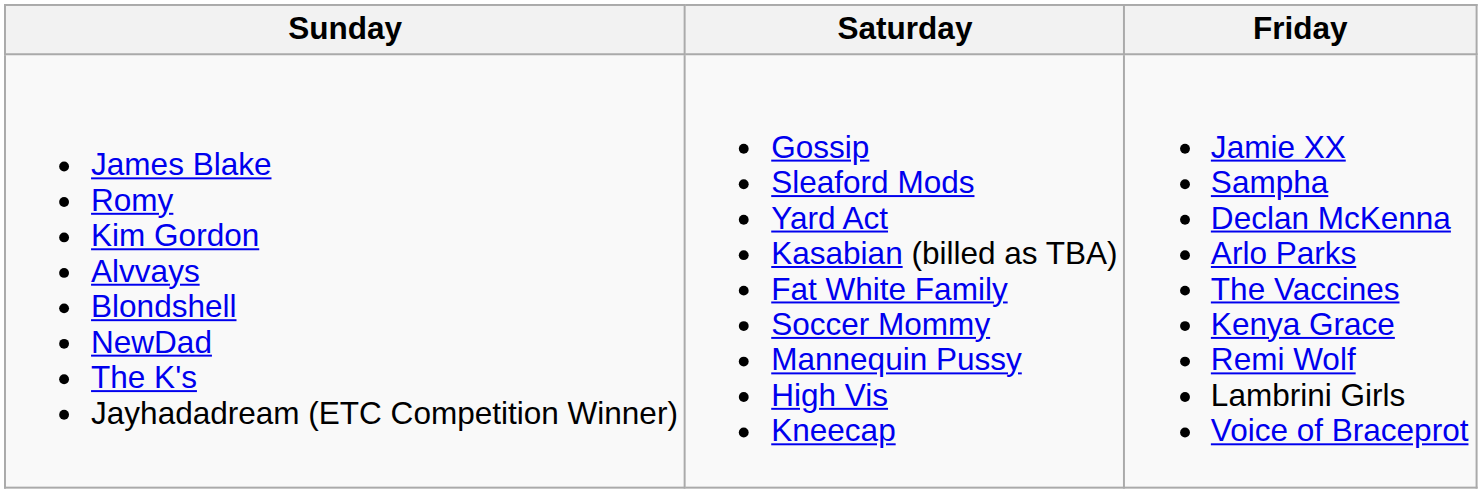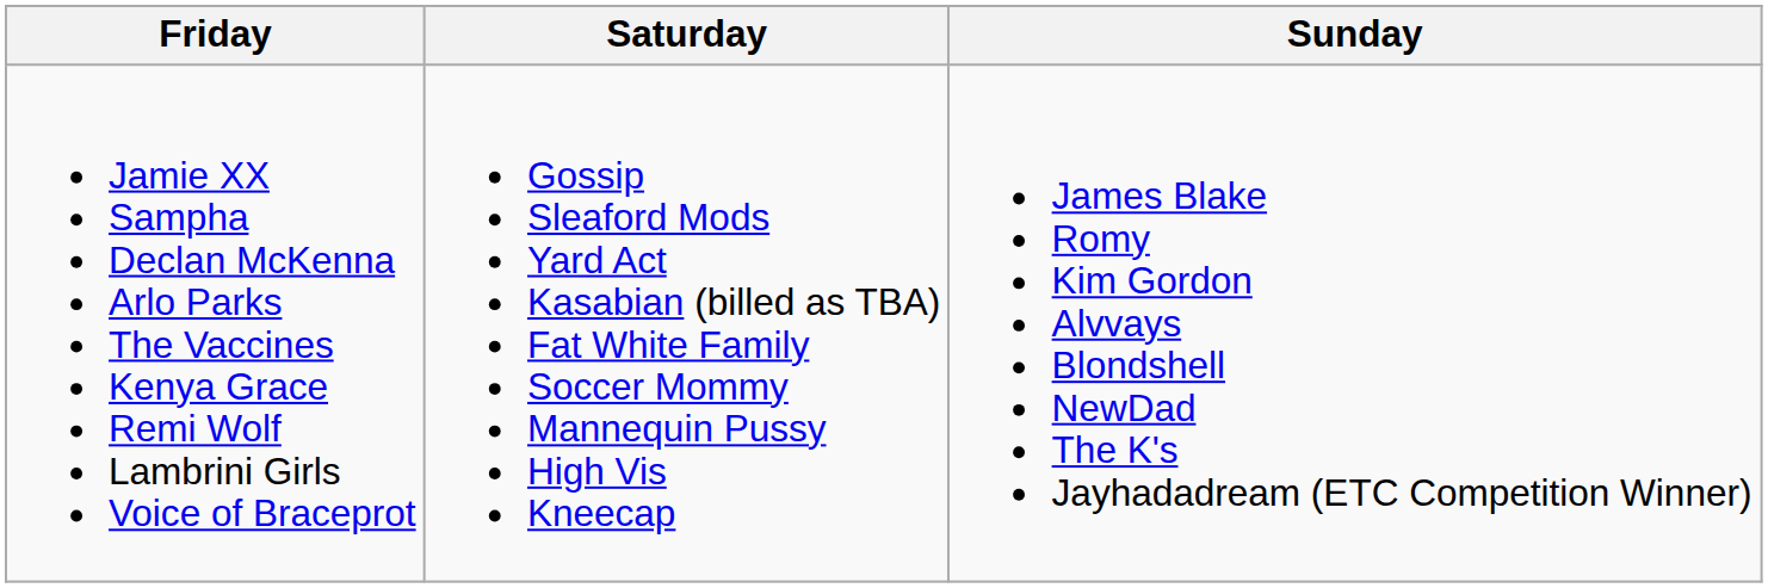 <table class="wikitable">
 <tr>
+<th>Friday</th>
+<th>Saturday</th>
 <th>Sunday</th>
-<th>Saturday</th>
-<th>Friday</th>
 </tr>
 <tr>
+<td><br><ul><li><a href='#'>Jamie XX</a></li><li><a href='#'>Sampha</a></li><li><a href='#'>Declan McKenna</a></li><li><a href='#'>Arlo Parks</a></li><li><a href='#'>The Vaccines</a></li><li><a href='#'>Kenya Grace</a></li><li><a href='#'>Remi Wolf</a></li><li>Lambrini Girls</li><li><a href='#'>Voice of Braceprot</a></li></ul></td>
+<td><br><ul><li><a href='#'>Gossip</a></li><li><a href='#'>Sleaford Mods</a></li><li><a href='#'>Yard Act</a></li><li><a href='#'>Kasabian</a> (billed as TBA)</li><li><a href='#'>Fat White Family</a></li><li><a href='#'>Soccer Mommy</a></li><li><a href='#'>Mannequin Pussy</a></li><li><a href='#'>High Vis</a></li><li><a href='#'>Kneecap</a></li></ul></td>
 <td><br><ul><li><a href='#'>James Blake</a></li><li><a href='#'>Romy</a></li><li><a href='#'>Kim Gordon</a></li><li><a href='#'>Alvvays</a></li><li><a href='#'>Blondshell</a></li><li><a href='#'>NewDad</a></li><li><a href='#'>The K's</a></li><li>Jayhadadream (ETC Competition Winner)</li></ul></td>
-<td><br><ul><li><a href='#'>Gossip</a></li><li><a href='#'>Sleaford Mods</a></li><li><a href='#'>Yard Act</a></li><li><a href='#'>Kasabian</a> (billed as TBA)</li><li><a href='#'>Fat White Family</a></li><li><a href='#'>Soccer Mommy</a></li><li><a href='#'>Mannequin Pussy</a></li><li><a href='#'>High Vis</a></li><li><a href='#'>Kneecap</a></li></ul></td>
-<td><br><ul><li><a href='#'>Jamie XX</a></li><li><a href='#'>Sampha</a></li><li><a href='#'>Declan McKenna</a></li><li><a href='#'>Arlo Parks</a></li><li><a href='#'>The Vaccines</a></li><li><a href='#'>Kenya Grace</a></li><li><a href='#'>Remi Wolf</a></li><li>Lambrini Girls</li><li><a href='#'>Voice of Braceprot</a></li></ul></td>
 </tr>
 </table>
